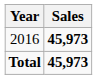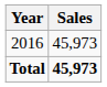 <table class="wikitable" style="float:center; clear:center; margin:0em 0em 1em 1em; text-align:center">
 <tr>
 <th>Year</th>
 <th>Sales</th>
 </tr>
 <tr>
 <td>2016</td>
-<td><strong>45,973 </strong></td>
+<td>45,973 </td>
 </tr>
 <tr>
 <td><strong>Total</strong></td>
 <td><strong>45,973</strong> </td>
 </tr>
 </table>
